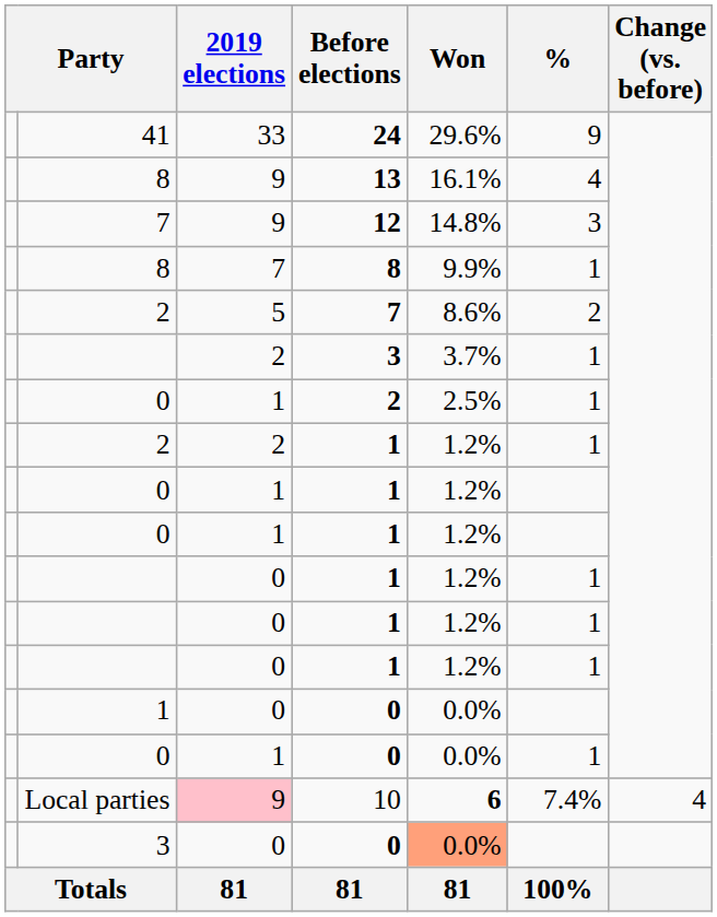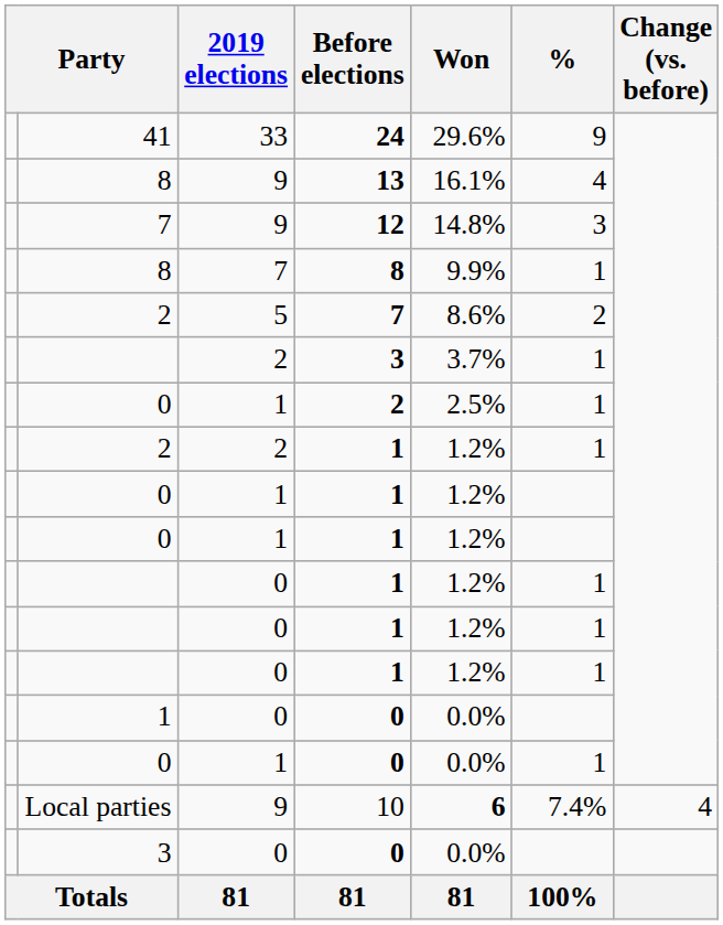 <table class=wikitable style="text-align:right">
 <tr>
 <th colspan=2>Party</th>
 <th width=50px><a href='#'>2019 elections</a></th>
 <th width=50px>Before elections</th>
 <th width="50px">Won</th>
 <th width=50px>%</th>
 <th width=50px>Change (vs. before)</th>
 </tr>
 <tr>
 <td></td>
 <td>41</td>
 <td>33</td>
 <td><strong>24</strong></td>
 <td>29.6%</td>
 <td> 9</td>
 </tr>
 <tr>
 <td></td>
 <td>8</td>
 <td>9</td>
 <td><strong>13</strong></td>
 <td>16.1%</td>
 <td> 4</td>
 </tr>
 <tr>
 <td></td>
 <td>7</td>
 <td>9</td>
 <td><strong>12</strong></td>
 <td>14.8%</td>
 <td> 3</td>
 </tr>
 <tr>
 <td></td>
 <td>8</td>
 <td>7</td>
 <td><strong>8</strong></td>
 <td>9.9%</td>
 <td> 1</td>
 </tr>
 <tr>
 <td></td>
 <td>2</td>
 <td>5</td>
 <td><strong>7</strong></td>
 <td>8.6%</td>
 <td> 2</td>
 </tr>
 <tr>
 <td></td>
 <td></td>
 <td>2</td>
 <td><strong>3</strong></td>
 <td>3.7%</td>
 <td> 1</td>
 </tr>
 <tr>
 <td></td>
 <td>0</td>
 <td>1</td>
 <td><strong>2</strong></td>
 <td>2.5%</td>
 <td> 1</td>
 </tr>
 <tr>
 <td></td>
 <td>2</td>
 <td>2</td>
 <td><strong>1</strong></td>
 <td>1.2%</td>
 <td> 1</td>
 </tr>
 <tr>
 <td></td>
 <td>0</td>
 <td>1</td>
 <td><strong>1</strong></td>
 <td>1.2%</td>
 <td></td>
 </tr>
 <tr>
 <td></td>
 <td>0</td>
 <td>1</td>
 <td><strong>1</strong></td>
 <td>1.2%</td>
 <td></td>
 </tr>
 <tr>
 <td></td>
 <td></td>
 <td>0</td>
 <td><strong>1</strong></td>
 <td>1.2%</td>
 <td> 1</td>
 </tr>
 <tr>
 <td></td>
 <td></td>
 <td>0</td>
 <td><strong>1</strong></td>
 <td>1.2%</td>
 <td> 1</td>
 </tr>
 <tr>
 <td></td>
 <td></td>
 <td>0</td>
 <td><strong>1</strong></td>
 <td>1.2%</td>
 <td> 1</td>
 </tr>
 <tr>
 <td></td>
 <td>1</td>
 <td>0</td>
 <td><strong>0</strong></td>
 <td>0.0%</td>
 <td></td>
 </tr>
 <tr>
 <td></td>
 <td>0</td>
 <td>1</td>
 <td><strong>0</strong></td>
 <td>0.0%</td>
 <td> 1</td>
 </tr>
 <tr>
 <td></td>
 <td align=left>Local parties</td>
-<td style="background: pink;">9</td>
+<td>9</td>
 <td>10</td>
 <td><strong>6</strong></td>
 <td>7.4%</td>
 <td> 4</td>
 </tr>
 <tr>
 <td></td>
 <td>3</td>
 <td>0</td>
 <td><strong>0</strong></td>
-<td style="background: lightsalmon;">0.0%</td>
+<td>0.0%</td>
 <td></td>
 </tr>
 <tr>
 <th colspan=2>Totals</th>
 <th>81</th>
 <th>81</th>
 <th>81</th>
 <th>100%</th>
 <th></th>
 </tr>
 </table>
